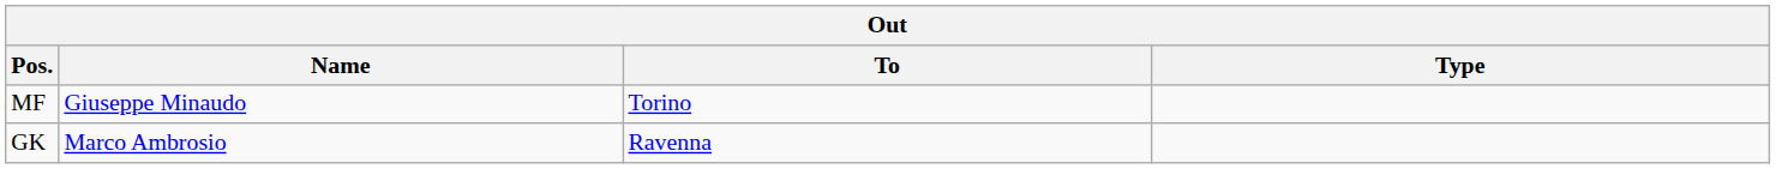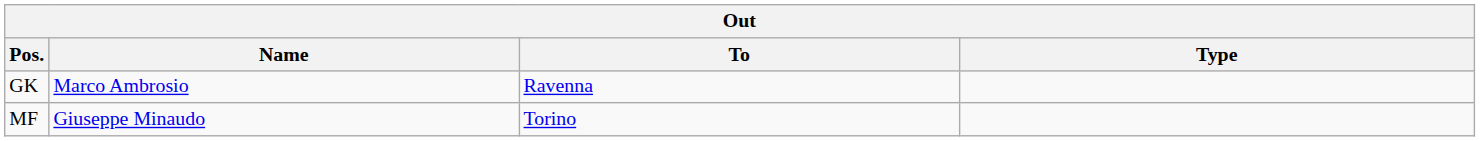 <table class="wikitable" style="font-size:90%;">
 <tr>
 <th colspan="4">Out</th>
 </tr>
 <tr>
 <th width=3%>Pos.</th>
 <th width=32%>Name</th>
 <th width=30%>To</th>
 <th width=35%>Type</th>
 </tr>
 <tr>
+<td>GK</td>
+<td><a href='#'>Marco Ambrosio</a></td>
+<td><a href='#'>Ravenna</a></td>
+<td></td>
+</tr>
+<tr>
 <td>MF</td>
 <td><a href='#'>Giuseppe Minaudo</a></td>
 <td><a href='#'>Torino</a></td>
 <td></td>
 </tr>
-<tr>
-<td>GK</td>
-<td><a href='#'>Marco Ambrosio</a></td>
-<td><a href='#'>Ravenna</a></td>
-<td></td>
-</tr>
 </table>
